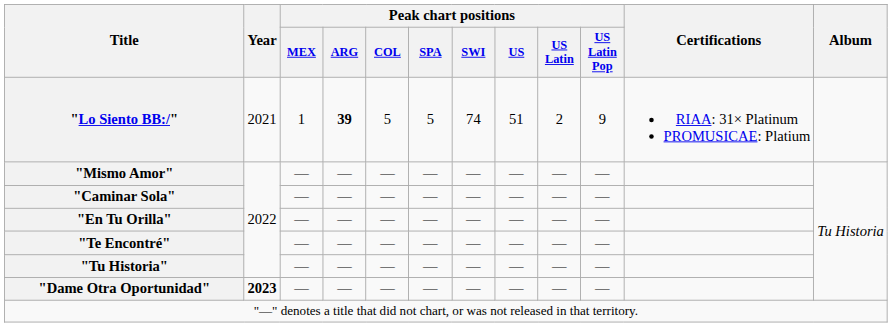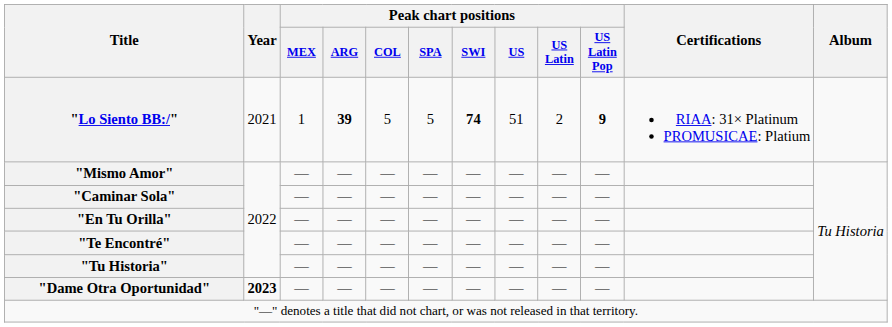 <table class="wikitable plainrowheaders" style="text-align:center">
 <tr>
 <th scope="col" rowspan="2" style="width:16em;">Title</th>
 <th rowspan=2>Year</th>
 <th colspan=8>Peak chart positions</th>
 <th rowspan="2">Certifications</th>
 <th rowspan="2">Album</th>
 </tr>
 <tr style=font-size:>
 <th scope="col" style="width:3em;font-size:85%;"><a href='#'>MEX</a><br></th>
 <th scope="col" style="width:3em;font-size:85%;"><a href='#'>ARG</a><br></th>
 <th scope="col" style="width:3em;font-size:85%;"><a href='#'>COL</a><br></th>
 <th scope="col" style="width:3em;font-size:85%;"><a href='#'>SPA</a><br></th>
 <th scope="col" style="width:3em;font-size:85%;"><a href='#'>SWI</a><br></th>
 <th scope="col" style="width:3em;font-size:85%;"><a href='#'>US</a><br></th>
 <th scope="col" style="width:3em;font-size:85%;"><a href='#'>US Latin</a><br></th>
 <th scope="col" style="width:3em;font-size:85%;"><a href='#'>US Latin Pop</a><br></th>
 </tr>
 <tr>
 <th scope="row">"<a href='#'>Lo Siento BB:/</a>"<br></th>
 <td>2021</td>
 <td>1</td>
 <td><strong>39</strong></td>
 <td>5</td>
 <td>5</td>
-<td>74</td>
+<td><strong>74</strong></td>
 <td>51</td>
 <td>2</td>
-<td>9</td>
+<td><strong>9</strong></td>
 <td><br><ul><li><a href='#'>RIAA</a>: 31× Platinum </li><li><a href='#'>PROMUSICAE</a>: Platium</li></ul></td>
 <td></td>
 </tr>
 <tr>
 <th scope="row">"Mismo Amor"</th>
 <td rowspan="5">2022</td>
 <td>—</td>
 <td>—</td>
 <td>—</td>
 <td>—</td>
 <td>—</td>
 <td>—</td>
 <td>—</td>
 <td>—</td>
 <td></td>
 <td rowspan="6"><em>Tu Historia</em></td>
 </tr>
 <tr>
 <th scope="row">"Caminar Sola"</th>
 <td>—</td>
 <td>—</td>
 <td>—</td>
 <td>—</td>
 <td>—</td>
 <td>—</td>
 <td>—</td>
 <td>—</td>
 <td></td>
 </tr>
 <tr>
 <th scope="row">"En Tu Orilla"</th>
 <td>—</td>
 <td>—</td>
 <td>—</td>
 <td>—</td>
 <td>—</td>
 <td>—</td>
 <td>—</td>
 <td>—</td>
 <td></td>
 </tr>
 <tr>
 <th scope="row">"Te Encontré"</th>
 <td>—</td>
 <td>—</td>
 <td>—</td>
 <td>—</td>
 <td>—</td>
 <td>—</td>
 <td>—</td>
 <td>—</td>
 <td></td>
 </tr>
 <tr>
 <th scope="row">"Tu Historia"</th>
 <td>—</td>
 <td>—</td>
 <td>—</td>
 <td>—</td>
 <td>—</td>
 <td>—</td>
 <td>—</td>
 <td>—</td>
 <td></td>
 </tr>
 <tr>
 <th scope="row">"Dame Otra Oportunidad"</th>
 <td rowspan="1"><strong>2023</strong></td>
 <td>—</td>
 <td>—</td>
 <td>—</td>
 <td>—</td>
 <td>—</td>
 <td>—</td>
 <td>—</td>
 <td>—</td>
 <td></td>
 </tr>
 <tr>
 <td colspan="14" style="font-size:90%">"—" denotes a title that did not chart, or was not released in that territory.</td>
 </tr>
 </table>
